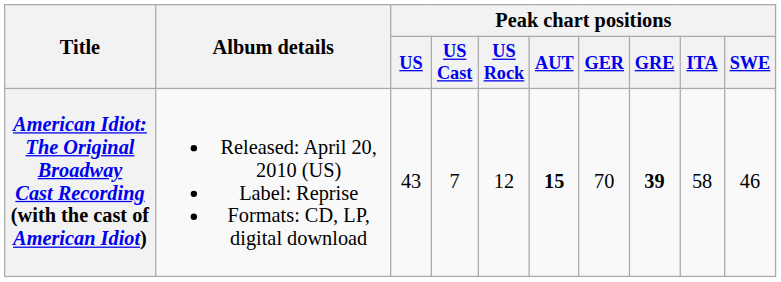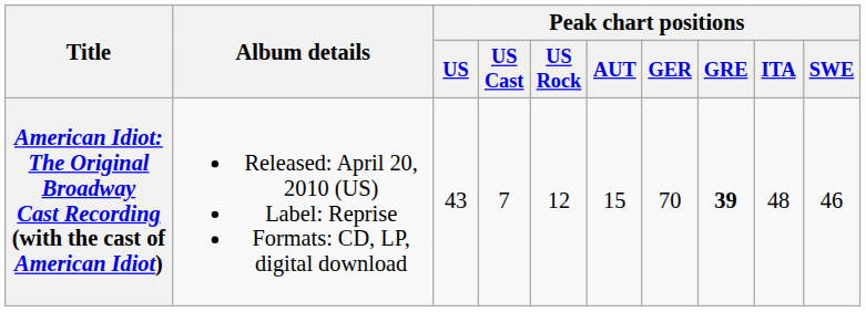 <table class="wikitable plainrowheaders" style="text-align:center;">
 <tr>
 <th scope="col" rowspan="2" style="width:12em;">Title</th>
 <th scope="col" rowspan="2" style="width:20em;">Album details</th>
 <th scope="col" colspan="8">Peak chart positions</th>
 </tr>
 <tr>
 <th scope="col" style="width:2.5em;font-size:90%;"><a href='#'>US</a><br></th>
 <th scope="col" style="width:2.5em;font-size:90%;"><a href='#'>US<br>Cast</a><br></th>
 <th scope="col" style="width:2.5em;font-size:90%;"><a href='#'>US<br>Rock</a><br></th>
 <th scope="col" style="width:2.5em;font-size:90%;"><a href='#'>AUT</a><br></th>
 <th scope="col" style="width:2.5em;font-size:90%;"><a href='#'>GER</a><br></th>
 <th scope="col" style="width:2.5em;font-size:90%;"><a href='#'>GRE</a><br></th>
 <th scope="col" style="width:2.5em;font-size:90%;"><a href='#'>ITA</a><br></th>
 <th scope="col" style="width:2.5em;font-size:90%;"><a href='#'>SWE</a><br></th>
 </tr>
 <tr>
 <th scope="row"><em><a href='#'>American Idiot:<br>The Original Broadway<br>Cast Recording</a></em><br><span>(with the cast of <em><a href='#'>American Idiot</a></em>)</span></th>
 <td><br><ul><li>Released: April 20, 2010 <span>(US)</span></li><li>Label: Reprise</li><li>Formats: CD, LP, digital download</li></ul></td>
 <td>43</td>
 <td>7</td>
 <td>12</td>
-<td><strong>15</strong></td>
+<td>15</td>
 <td>70</td>
 <td><strong>39</strong></td>
-<td>58</td>
+<td>48</td>
 <td>46</td>
 </tr>
 </table>
